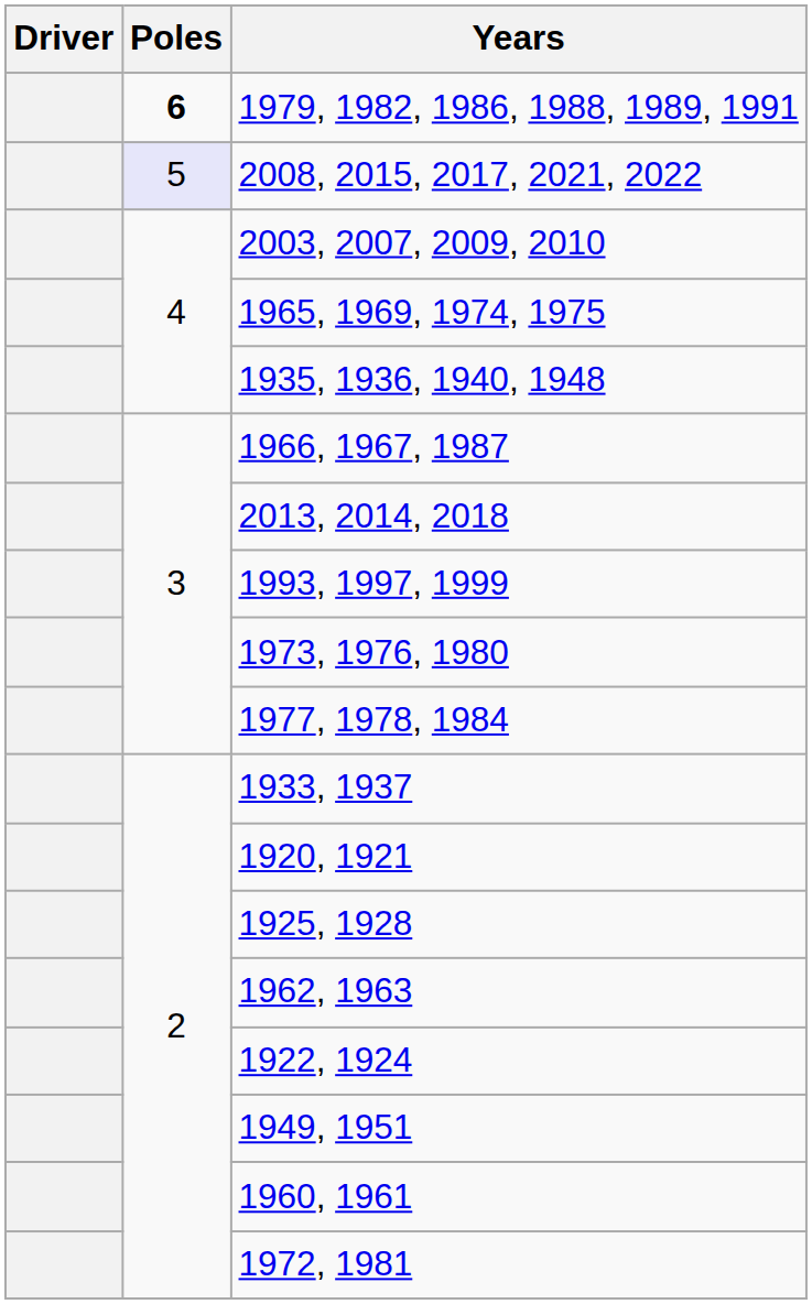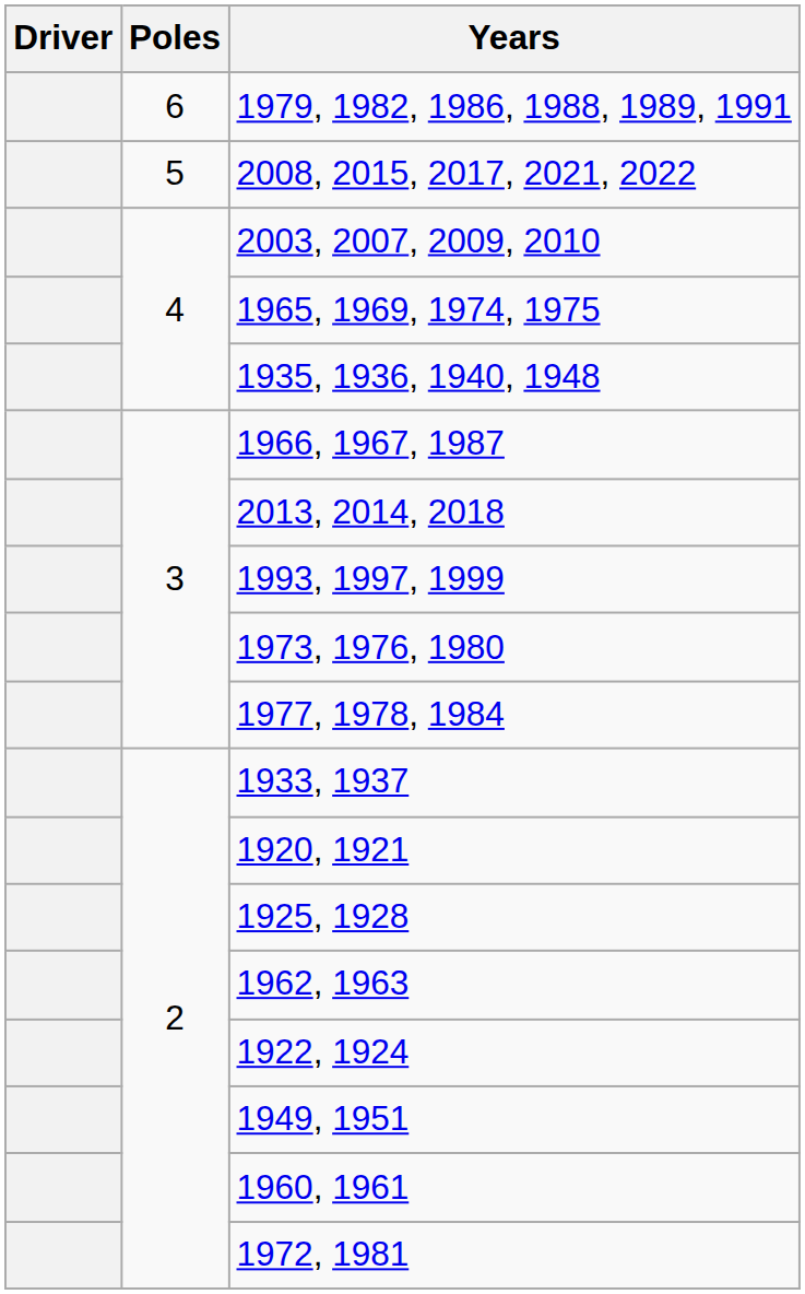 <table class="wikitable sortable plainrowheaders" style="font-size:1.00em; line-height:1.5em;">
 <tr>
 <th scope="col">Driver</th>
 <th scope="col">Poles</th>
 <th scope="col">Years</th>
 </tr>
 <tr>
 <th scope="row"></th>
-<td align="center"><strong>6</strong></td>
+<td align="center">6</td>
 <td><a href='#'>1979</a>, <a href='#'>1982</a>, <a href='#'>1986</a>, <a href='#'>1988</a>, <a href='#'>1989</a>, <a href='#'>1991</a></td>
 </tr>
 <tr>
 <th scope="row"></th>
-<td align="center" style="background: lavender;">5</td>
+<td align="center">5</td>
 <td><a href='#'>2008</a>, <a href='#'>2015</a>, <a href='#'>2017</a>, <a href='#'>2021</a>, <a href='#'>2022</a></td>
 </tr>
 <tr>
 <th scope="row"></th>
 <td rowspan="3" align="center">4</td>
 <td><a href='#'>2003</a>, <a href='#'>2007</a>, <a href='#'>2009</a>, <a href='#'>2010</a></td>
 </tr>
 <tr>
 <th scope="row"></th>
 <td><a href='#'>1965</a>, <a href='#'>1969</a>, <a href='#'>1974</a>, <a href='#'>1975</a></td>
 </tr>
 <tr>
 <th scope="row"></th>
 <td><a href='#'>1935</a>, <a href='#'>1936</a>, <a href='#'>1940</a>, <a href='#'>1948</a></td>
 </tr>
 <tr>
 <th scope="row"></th>
 <td rowspan="5" align="center">3</td>
 <td><a href='#'>1966</a>, <a href='#'>1967</a>, <a href='#'>1987</a></td>
 </tr>
 <tr>
 <th scope="row"></th>
 <td><a href='#'>2013</a>, <a href='#'>2014</a>, <a href='#'>2018</a></td>
 </tr>
 <tr>
 <th scope="row"></th>
 <td><a href='#'>1993</a>, <a href='#'>1997</a>, <a href='#'>1999</a></td>
 </tr>
 <tr>
 <th scope="row"></th>
 <td><a href='#'>1973</a>, <a href='#'>1976</a>, <a href='#'>1980</a></td>
 </tr>
 <tr>
 <th scope="row"></th>
 <td><a href='#'>1977</a>, <a href='#'>1978</a>, <a href='#'>1984</a></td>
 </tr>
 <tr>
 <th scope="row"></th>
 <td rowspan="8" align="center">2</td>
 <td><a href='#'>1933</a>, <a href='#'>1937</a></td>
 </tr>
 <tr>
 <th scope="row"></th>
 <td><a href='#'>1920</a>, <a href='#'>1921</a></td>
 </tr>
 <tr>
 <th scope="row"></th>
 <td><a href='#'>1925</a>, <a href='#'>1928</a></td>
 </tr>
 <tr>
 <th scope="row"></th>
 <td><a href='#'>1962</a>, <a href='#'>1963</a></td>
 </tr>
 <tr>
 <th scope="row"></th>
 <td><a href='#'>1922</a>, <a href='#'>1924</a></td>
 </tr>
 <tr>
 <th scope="row"></th>
 <td><a href='#'>1949</a>, <a href='#'>1951</a></td>
 </tr>
 <tr>
 <th scope="row"></th>
 <td><a href='#'>1960</a>, <a href='#'>1961</a></td>
 </tr>
 <tr>
 <th scope="row"></th>
 <td><a href='#'>1972</a>, <a href='#'>1981</a></td>
 </tr>
 <tr>
 </tr>
 </table>
